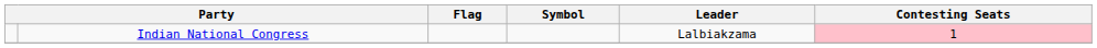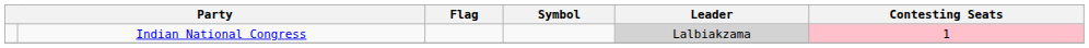 <table class="wikitable" width="60%" style="text-align:center">
 <tr>
 <th colspan="2">Party</th>
 <th>Flag</th>
 <th>Symbol</th>
 <th>Leader</th>
 <th>Contesting Seats</th>
 </tr>
 <tr>
 <td></td>
 <td><a href='#'>Indian National Congress</a></td>
 <td></td>
 <td></td>
-<td>Lalbiakzama</td>
+<td style="background: lightgrey;">Lalbiakzama</td>
 <td style="background: pink;">1</td>
 </tr>
 <tr>
 </tr>
 </table>
